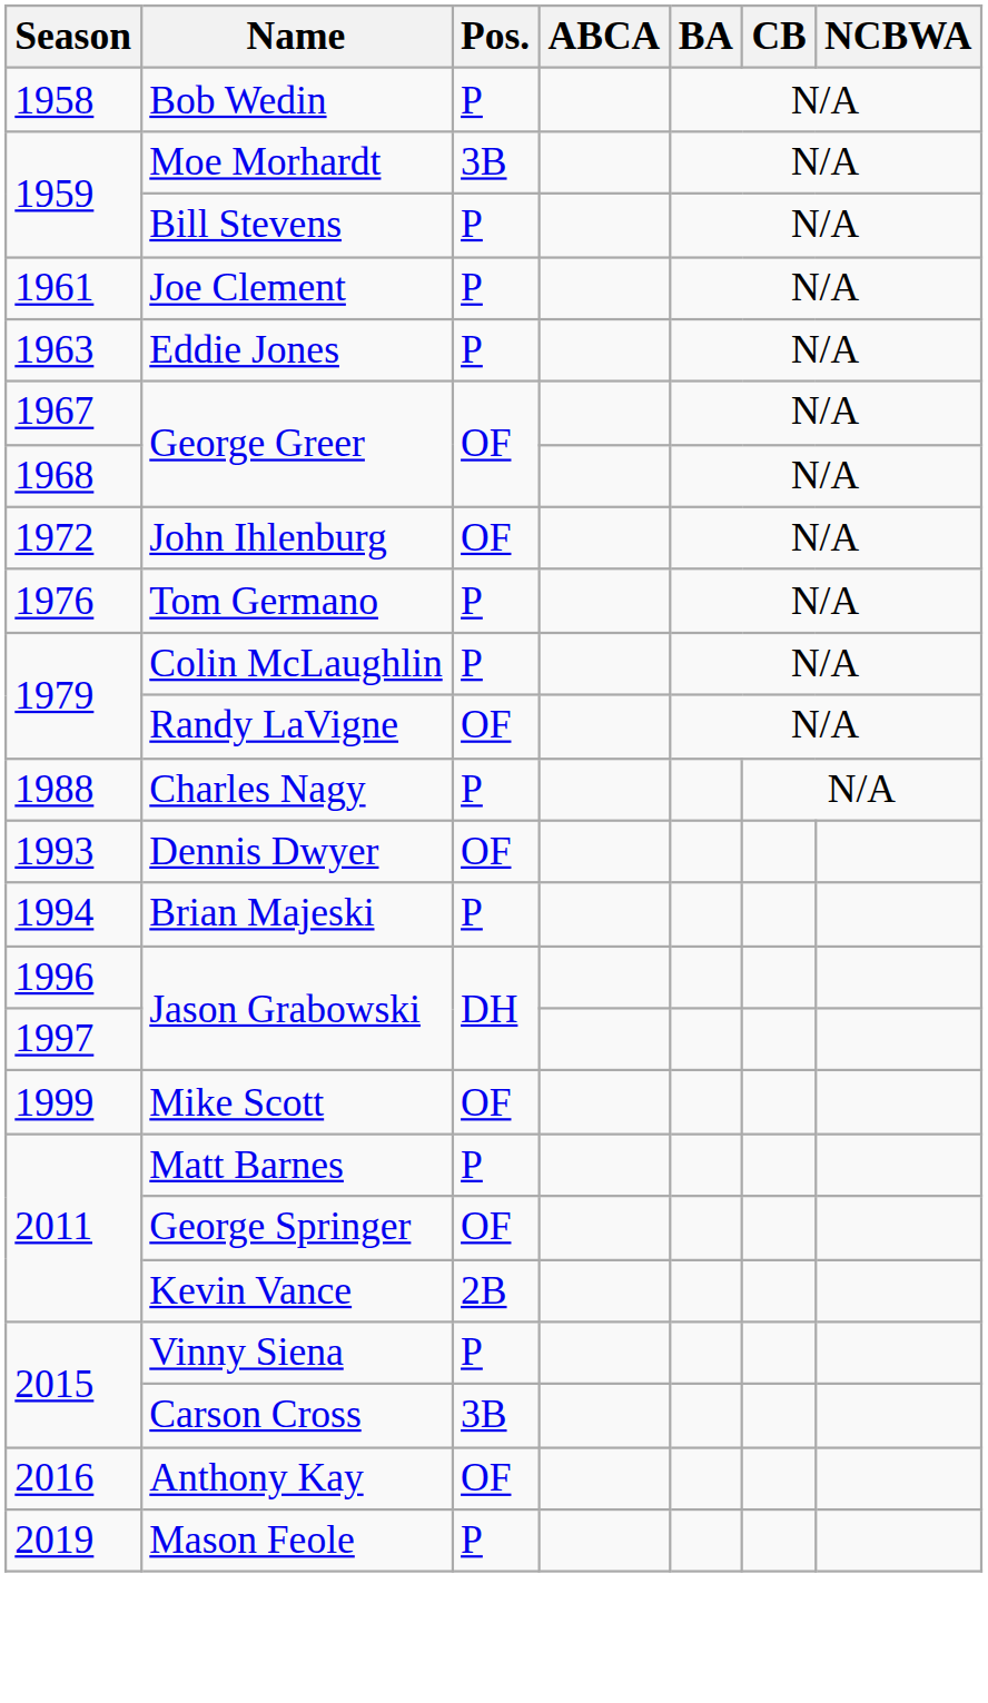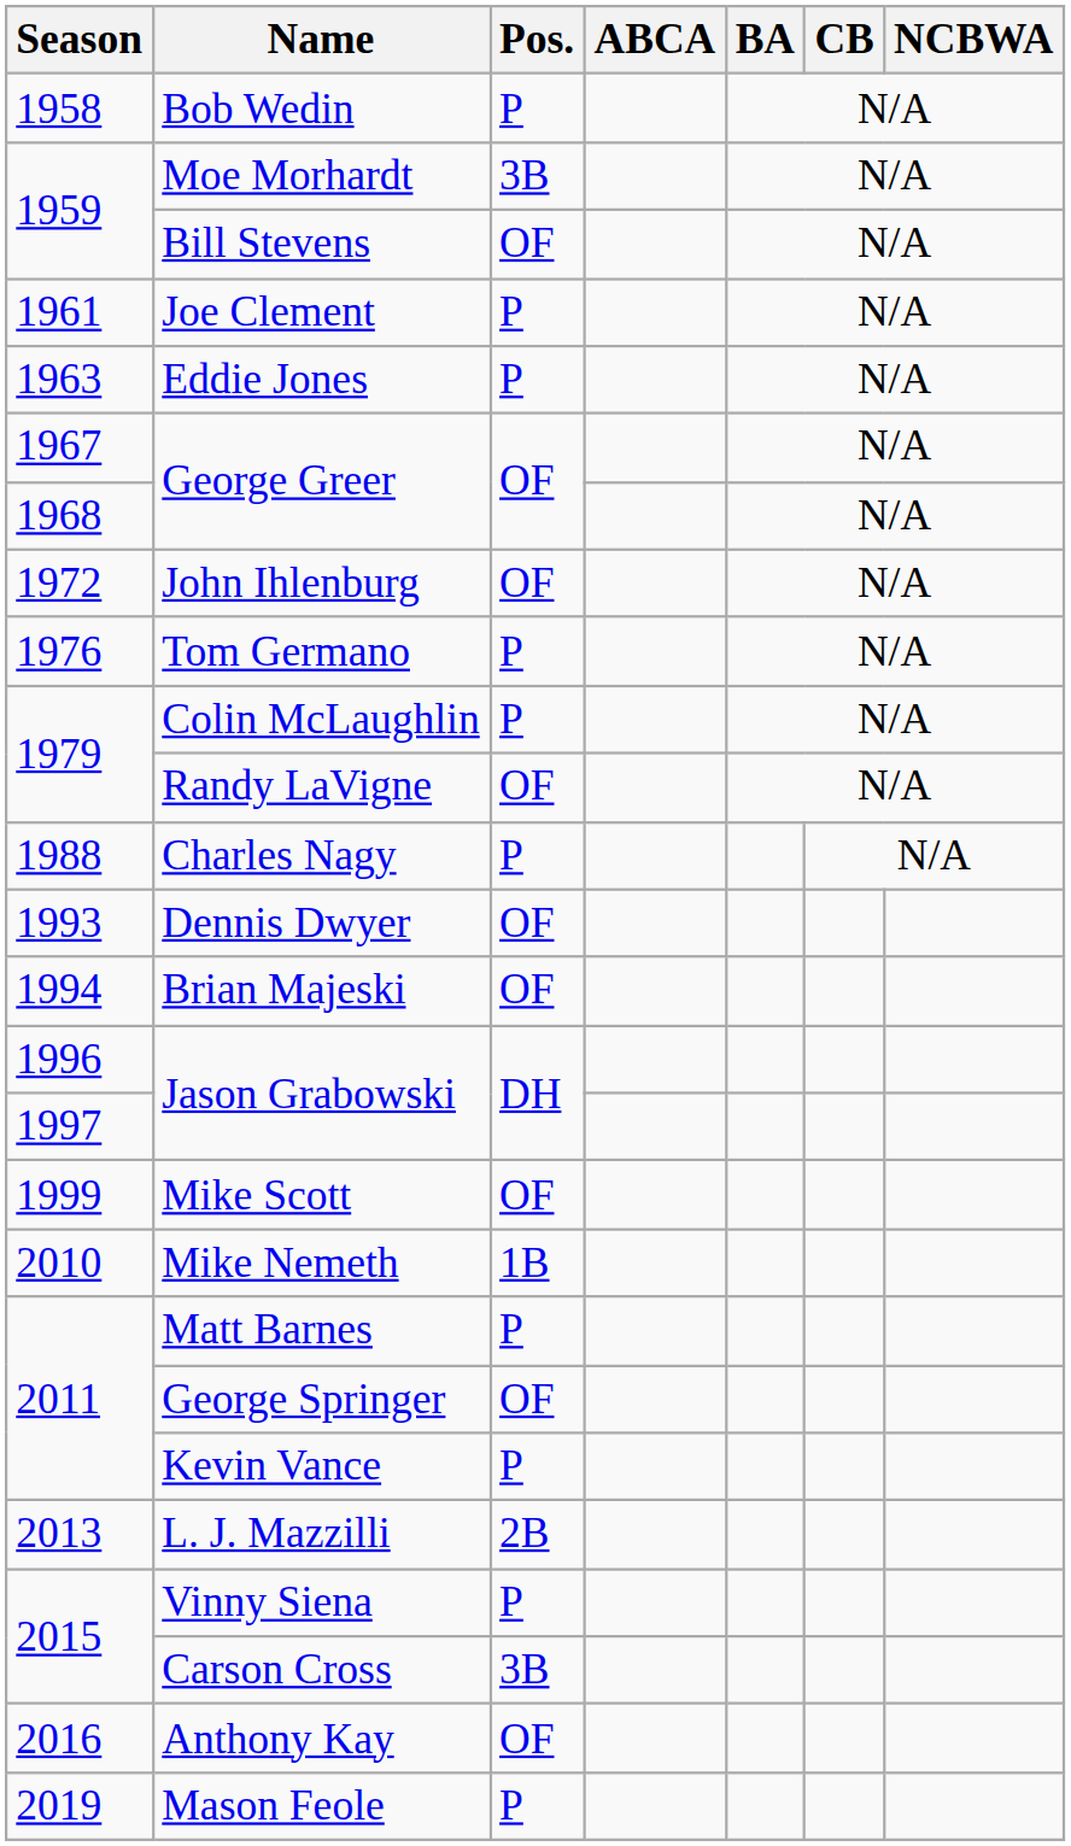 <table class=wikitable>
 <tr>
 <th width=px>Season</th>
 <th width=px>Name</th>
 <th width=px>Pos.</th>
 <th width=px>ABCA</th>
 <th width=px>BA</th>
 <th width=px>CB</th>
 <th width=px>NCBWA</th>
 </tr>
 <tr>
 <td><a href='#'>1958</a></td>
 <td><a href='#'>Bob Wedin</a></td>
 <td><a href='#'>P</a></td>
 <td></td>
 <td colspan=3 style="text-align:center;">N/A</td>
 </tr>
 <tr>
 <td rowspan=2><a href='#'>1959</a></td>
 <td><a href='#'>Moe Morhardt</a></td>
 <td><a href='#'>3B</a></td>
 <td></td>
 <td colspan=3 style="text-align:center;">N/A</td>
 </tr>
 <tr>
 <td><a href='#'>Bill Stevens</a></td>
-<td><a href='#'>P</a></td>
+<td><a href='#'>OF</a></td>
 <td></td>
 <td colspan=3 style="text-align:center;">N/A</td>
 </tr>
 <tr>
 <td><a href='#'>1961</a></td>
 <td><a href='#'>Joe Clement</a></td>
 <td><a href='#'>P</a></td>
 <td></td>
 <td colspan=3 style="text-align:center;">N/A</td>
 </tr>
 <tr>
 <td><a href='#'>1963</a></td>
 <td><a href='#'>Eddie Jones</a></td>
 <td><a href='#'>P</a></td>
 <td></td>
 <td colspan=3 style="text-align:center;">N/A</td>
 </tr>
 <tr>
 <td><a href='#'>1967</a></td>
 <td rowspan=2><a href='#'>George Greer</a></td>
 <td rowspan=2><a href='#'>OF</a></td>
 <td></td>
 <td colspan=3 style="text-align:center;">N/A</td>
 </tr>
 <tr>
 <td><a href='#'>1968</a></td>
 <td></td>
 <td colspan=3 style="text-align:center;">N/A</td>
 </tr>
 <tr>
 <td><a href='#'>1972</a></td>
 <td><a href='#'>John Ihlenburg</a></td>
 <td><a href='#'>OF</a></td>
 <td></td>
 <td colspan=3 style="text-align:center;">N/A</td>
 </tr>
 <tr>
 <td><a href='#'>1976</a></td>
 <td><a href='#'>Tom Germano</a></td>
 <td><a href='#'>P</a></td>
 <td></td>
 <td colspan=3 style="text-align:center;">N/A</td>
 </tr>
 <tr>
 <td rowspan=2><a href='#'>1979</a></td>
 <td><a href='#'>Colin McLaughlin</a></td>
 <td><a href='#'>P</a></td>
 <td></td>
 <td colspan=3 style="text-align:center;">N/A</td>
 </tr>
 <tr>
 <td><a href='#'>Randy LaVigne</a></td>
 <td><a href='#'>OF</a></td>
 <td></td>
 <td colspan=3 style="text-align:center;">N/A</td>
 </tr>
 <tr>
 <td><a href='#'>1988</a></td>
 <td><a href='#'>Charles Nagy</a></td>
 <td><a href='#'>P</a></td>
 <td></td>
 <td></td>
 <td colspan=2 style="text-align:center;">N/A</td>
 </tr>
 <tr>
 <td><a href='#'>1993</a></td>
 <td><a href='#'>Dennis Dwyer</a></td>
 <td><a href='#'>OF</a></td>
 <td></td>
 <td></td>
 <td></td>
 <td></td>
 </tr>
 <tr>
 <td><a href='#'>1994</a></td>
 <td><a href='#'>Brian Majeski</a></td>
-<td><a href='#'>P</a></td>
+<td><a href='#'>OF</a></td>
 <td></td>
 <td></td>
 <td></td>
 <td></td>
 </tr>
 <tr>
 <td><a href='#'>1996</a></td>
 <td rowspan=2><a href='#'>Jason Grabowski</a></td>
 <td rowspan=2><a href='#'>DH</a></td>
 <td></td>
 <td></td>
 <td></td>
 <td></td>
 </tr>
 <tr>
 <td><a href='#'>1997</a></td>
 <td></td>
 <td></td>
 <td></td>
 <td></td>
 </tr>
 <tr>
 <td><a href='#'>1999</a></td>
 <td><a href='#'>Mike Scott</a></td>
 <td><a href='#'>OF</a></td>
 <td></td>
 <td></td>
 <td></td>
 <td></td>
 </tr>
 <tr>
+<td><a href='#'>2010</a></td>
+<td><a href='#'>Mike Nemeth</a></td>
+<td><a href='#'>1B</a></td>
+<td></td>
+<td></td>
+<td></td>
+<td></td>
+</tr>
+<tr>
 <td rowspan=3><a href='#'>2011</a></td>
 <td><a href='#'>Matt Barnes</a></td>
 <td><a href='#'>P</a></td>
 <td></td>
 <td></td>
 <td></td>
 <td></td>
 </tr>
 <tr>
 <td><a href='#'>George Springer</a></td>
 <td><a href='#'>OF</a></td>
 <td></td>
 <td></td>
 <td></td>
 <td></td>
 </tr>
 <tr>
 <td><a href='#'>Kevin Vance</a></td>
+<td><a href='#'>P</a></td>
+<td></td>
+<td></td>
+<td></td>
+<td></td>
+</tr>
+<tr>
+<td><a href='#'>2013</a></td>
+<td><a href='#'>L. J. Mazzilli</a></td>
 <td><a href='#'>2B</a></td>
 <td></td>
 <td></td>
 <td></td>
 <td></td>
 </tr>
 <tr>
 <td rowspan=2><a href='#'>2015</a></td>
 <td><a href='#'>Vinny Siena</a></td>
 <td><a href='#'>P</a></td>
 <td></td>
 <td></td>
 <td></td>
 <td></td>
 </tr>
 <tr>
 <td><a href='#'>Carson Cross</a></td>
 <td><a href='#'>3B</a></td>
 <td></td>
 <td></td>
 <td></td>
 <td></td>
 </tr>
 <tr>
 <td><a href='#'>2016</a></td>
 <td><a href='#'>Anthony Kay</a></td>
 <td><a href='#'>OF</a></td>
 <td></td>
 <td></td>
 <td></td>
 <td></td>
 </tr>
 <tr>
 <td><a href='#'>2019</a></td>
 <td><a href='#'>Mason Feole</a></td>
 <td><a href='#'>P</a></td>
 <td></td>
 <td></td>
 <td></td>
 <td></td>
 </tr>
 </table>
